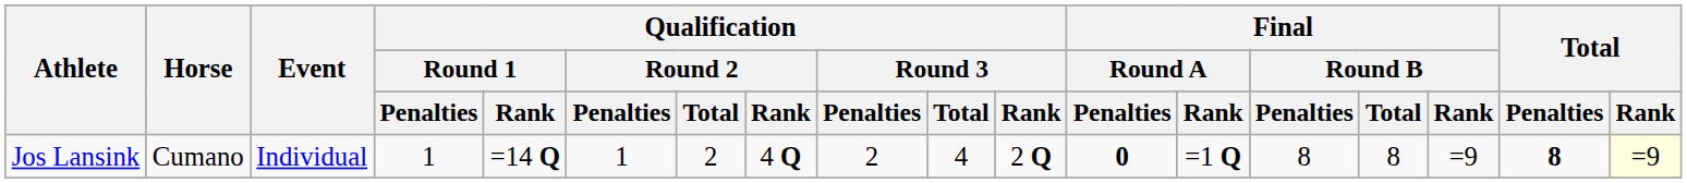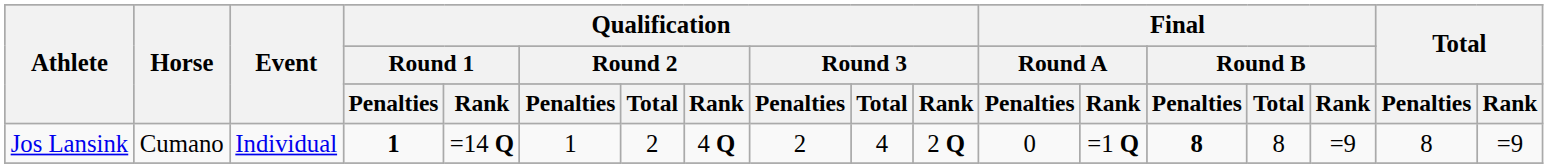 <table class="wikitable" style="font-size:90%">
 <tr>
 <th rowspan="3">Athlete</th>
 <th rowspan="3">Horse</th>
 <th rowspan="3">Event</th>
 <th colspan="8">Qualification</th>
 <th colspan="5">Final</th>
 <th rowspan=2 colspan="2">Total</th>
 </tr>
 <tr style="font-size:95%">
 <th colspan="2">Round 1</th>
 <th colspan="3">Round 2</th>
 <th colspan="3">Round 3</th>
 <th colspan="2">Round A</th>
 <th colspan="3">Round B</th>
 </tr>
 <tr style="font-size:95%">
 <th>Penalties</th>
 <th>Rank</th>
 <th>Penalties</th>
 <th>Total</th>
 <th>Rank</th>
 <th>Penalties</th>
 <th>Total</th>
 <th>Rank</th>
 <th>Penalties</th>
 <th>Rank</th>
 <th>Penalties</th>
 <th>Total</th>
 <th>Rank</th>
 <th>Penalties</th>
 <th>Rank</th>
 </tr>
 <tr align=center>
 <td align=left><a href='#'>Jos Lansink</a></td>
 <td align=left>Cumano</td>
 <td align=left><a href='#'>Individual</a></td>
-<td>1</td>
+<td><strong>1</strong></td>
 <td>=14 <strong>Q</strong></td>
 <td>1</td>
 <td>2</td>
 <td>4 <strong>Q</strong></td>
 <td>2</td>
 <td>4</td>
 <td>2 <strong>Q</strong></td>
-<td><strong>0</strong></td>
+<td>0</td>
 <td>=1 <strong>Q</strong></td>
-<td>8</td>
+<td><strong>8</strong></td>
 <td>8</td>
 <td>=9</td>
-<td><strong>8</strong></td>
-<td style="background: lightyellow;">=9</td>
+<td>8</td>
+<td>=9</td>
 </tr>
 </table>
